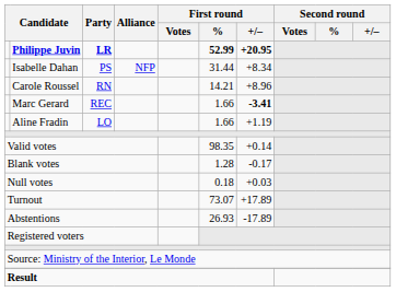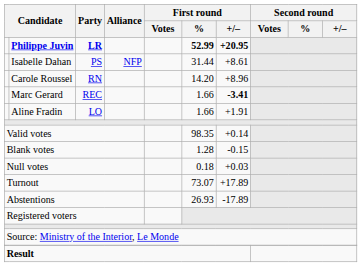 <table class="wikitable" style="text-align:right;font-size:95%;">
 <tr>
 <th rowspan="2" colspan="2">Candidate</th>
 <th rowspan="2">Party</th>
 <th rowspan="2">Alliance</th>
 <th colspan="3">First round</th>
 <th colspan="3">Second round</th>
 </tr>
 <tr>
 <th style="width:50px;">Votes</th>
 <th style="width:45px;">%</th>
 <th style="width:45px;">+/–</th>
 <th style="width:50px;">Votes</th>
 <th style="width:45px;">%</th>
 <th style="width:45px;">+/–</th>
 </tr>
 <tr>
 <td style="color:inherit;background:"></td>
 <td style="text-align:left;"><strong><a href='#'>Philippe Juvin</a></strong></td>
 <td><a href='#'><strong>LR</strong></a></td>
 <td></td>
 <td><strong></strong></td>
 <td><strong>52.99</strong></td>
 <td><strong>+20.95</strong></td>
 <td colspan="3" style="background:#E9E9E9;"></td>
 </tr>
 <tr>
 <td style="color:inherit;background:"></td>
 <td style="text-align:left;">Isabelle Dahan</td>
 <td><a href='#'>PS</a></td>
 <td><a href='#'>NFP</a></td>
 <td></td>
 <td>31.44</td>
-<td>+8.34</td>
+<td>+8.61</td>
 <td colspan="3" style="background:#E9E9E9;"></td>
 </tr>
 <tr>
 <td style="color:inherit;background:"></td>
 <td style="text-align:left;">Carole Roussel</td>
 <td><a href='#'>RN</a></td>
 <td></td>
 <td></td>
-<td>14.21</td>
+<td>14.20</td>
 <td>+8.96</td>
 <td colspan="3" style="background:#E9E9E9;"></td>
 </tr>
 <tr>
 <td style="color:inherit;background:"></td>
 <td style="text-align:left;">Marc Gerard</td>
 <td><a href='#'>REC</a></td>
 <td></td>
 <td></td>
 <td>1.66</td>
 <td><strong>-3.41</strong></td>
 <td colspan="3" style="background:#E9E9E9;"></td>
 </tr>
 <tr>
 <td style="color:inherit;background:"></td>
 <td style="text-align:left;">Aline Fradin</td>
 <td><a href='#'>LO</a></td>
 <td></td>
 <td></td>
 <td>1.66</td>
-<td>+1.19</td>
+<td>+1.91</td>
 <td colspan="3" style="background:#E9E9E9;"></td>
 </tr>
 <tr>
 <td colspan="10" style="background:#E9E9E9;"></td>
 </tr>
 <tr>
 <td colspan="4" style="text-align:left;">Valid votes</td>
 <td></td>
 <td>98.35</td>
 <td>+0.14</td>
 <td colspan="3" style="background:#E9E9E9;"></td>
 </tr>
 <tr>
 <td colspan="4" style="text-align:left;">Blank votes</td>
 <td></td>
 <td>1.28</td>
-<td>-0.17</td>
+<td>-0.15</td>
 <td colspan="3" style="background:#E9E9E9;"></td>
 </tr>
 <tr>
 <td colspan="4" style="text-align:left;">Null votes</td>
 <td></td>
 <td>0.18</td>
 <td>+0.03</td>
 <td colspan="3" style="background:#E9E9E9;"></td>
 </tr>
 <tr>
 <td colspan="4" style="text-align:left;">Turnout</td>
 <td></td>
 <td>73.07</td>
 <td>+17.89</td>
 <td colspan="3" style="background:#E9E9E9;"></td>
 </tr>
 <tr>
 <td colspan="4" style="text-align:left;">Abstentions</td>
 <td></td>
 <td>26.93</td>
 <td>-17.89</td>
 <td colspan="3" style="background:#E9E9E9;"></td>
 </tr>
 <tr>
 <td colspan="4" style="text-align:left;">Registered voters</td>
 <td></td>
 <td colspan="5" style="background:#E9E9E9;"></td>
 </tr>
 <tr>
 <td colspan="10" style="background:#E9E9E9;"></td>
 </tr>
 <tr>
 <td colspan="10" style="text-align:left;">Source: <a href='#'>Ministry of the Interior</a>, <a href='#'>Le Monde</a></td>
 </tr>
 <tr>
 </tr>
 <tr style="font-weight:bold">
 <td colspan="7" style="text-align:left;">Result</td>
 <td colspan="7" style="background-color:"></td>
 </tr>
 </table>
